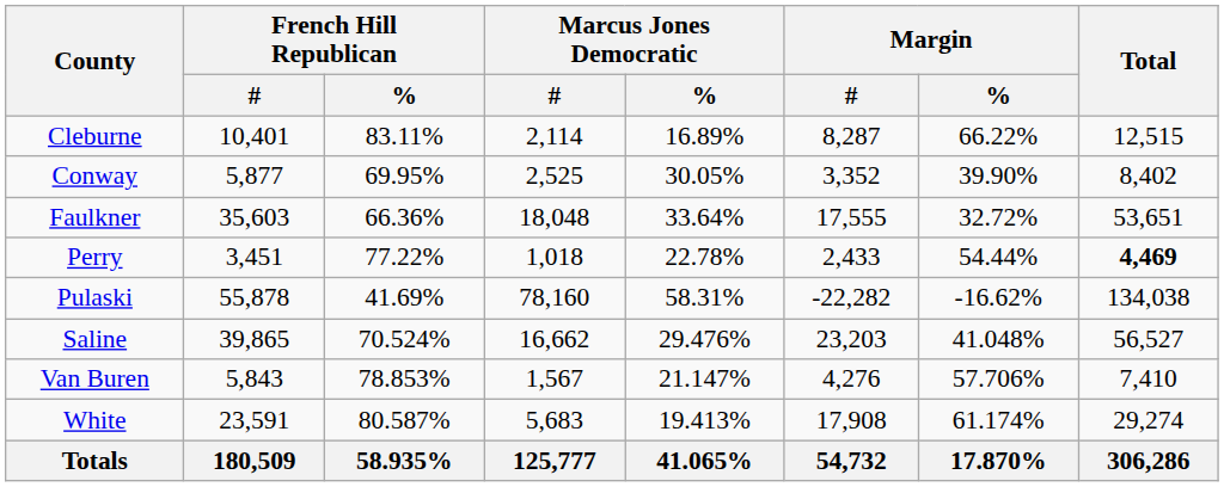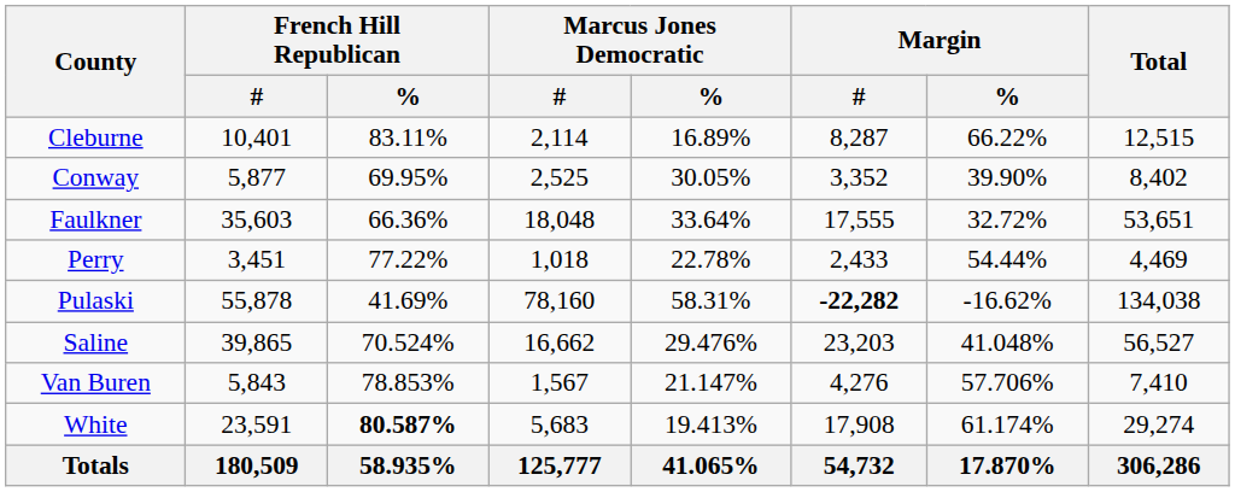 <table width="60%" class="wikitable sortable">
 <tr>
 <th rowspan="2">County</th>
 <th colspan="2">French Hill<br>Republican</th>
 <th colspan="2">Marcus Jones<br>Democratic</th>
 <th colspan="2">Margin</th>
 <th rowspan="2">Total</th>
 </tr>
 <tr>
 <th style="text-align:center;" data-sort-type="number">#</th>
 <th style="text-align:center;" data-sort-type="number">%</th>
 <th style="text-align:center;" data-sort-type="number">#</th>
 <th style="text-align:center;" data-sort-type="number">%</th>
 <th style="text-align:center;" data-sort-type="number">#</th>
 <th style="text-align:center;" data-sort-type="number">%</th>
 </tr>
 <tr style="text-align:center;">
 <td><a href='#'>Cleburne</a></td>
 <td>10,401</td>
 <td>83.11%</td>
 <td>2,114</td>
 <td>16.89%</td>
 <td>8,287</td>
 <td>66.22%</td>
 <td>12,515</td>
 </tr>
 <tr style="text-align:center;">
 <td><a href='#'>Conway</a></td>
 <td>5,877</td>
 <td>69.95%</td>
 <td>2,525</td>
 <td>30.05%</td>
 <td>3,352</td>
 <td>39.90%</td>
 <td>8,402</td>
 </tr>
 <tr style="text-align:center;">
 <td><a href='#'>Faulkner</a></td>
 <td>35,603</td>
 <td>66.36%</td>
 <td>18,048</td>
 <td>33.64%</td>
 <td>17,555</td>
 <td>32.72%</td>
 <td>53,651</td>
 </tr>
 <tr style="text-align:center;">
 <td><a href='#'>Perry</a></td>
 <td>3,451</td>
 <td>77.22%</td>
 <td>1,018</td>
 <td>22.78%</td>
 <td>2,433</td>
 <td>54.44%</td>
-<td><strong>4,469</strong></td>
+<td>4,469</td>
 </tr>
 <tr style="text-align:center;">
 <td><a href='#'>Pulaski</a></td>
 <td>55,878</td>
 <td>41.69%</td>
 <td>78,160</td>
 <td>58.31%</td>
-<td>-22,282</td>
+<td><strong>-22,282</strong></td>
 <td>-16.62%</td>
 <td>134,038</td>
 </tr>
 <tr style="text-align:center;">
 <td><a href='#'>Saline</a></td>
 <td>39,865</td>
 <td>70.524%</td>
 <td>16,662</td>
 <td>29.476%</td>
 <td>23,203</td>
 <td>41.048%</td>
 <td>56,527</td>
 </tr>
 <tr style="text-align:center;">
 <td><a href='#'>Van Buren</a></td>
 <td>5,843</td>
 <td>78.853%</td>
 <td>1,567</td>
 <td>21.147%</td>
 <td>4,276</td>
 <td>57.706%</td>
 <td>7,410</td>
 </tr>
 <tr style="text-align:center;">
 <td><a href='#'>White</a></td>
 <td>23,591</td>
-<td>80.587%</td>
+<td><strong>80.587%</strong></td>
 <td>5,683</td>
 <td>19.413%</td>
 <td>17,908</td>
 <td>61.174%</td>
 <td>29,274</td>
 </tr>
 <tr>
 <th>Totals</th>
 <th>180,509</th>
 <th>58.935%</th>
 <th>125,777</th>
 <th>41.065%</th>
 <th>54,732</th>
 <th>17.870%</th>
 <th>306,286</th>
 </tr>
 </table>
